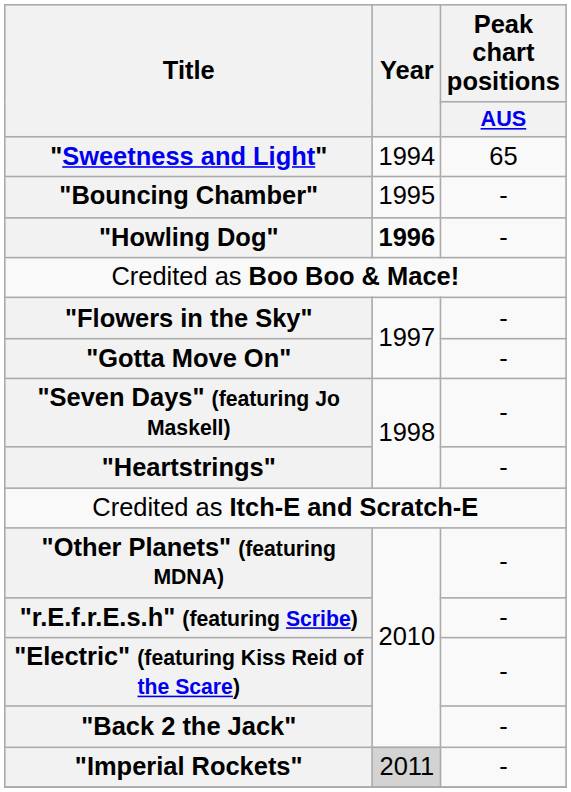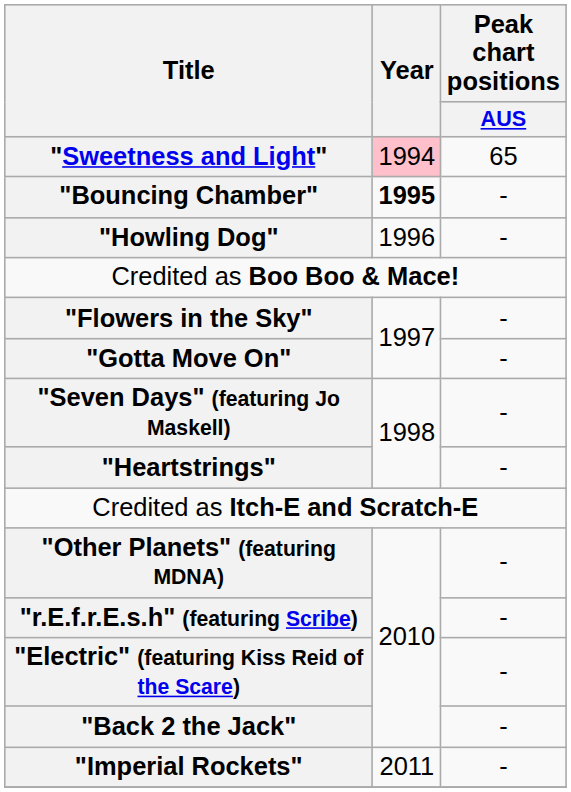 <table class="wikitable plainrowheaders" style="text-align:center;">
 <tr>
 <th scope="col" rowspan="2" style="width:14em;">Title</th>
 <th scope="col" rowspan="2" style="width:1em;">Year</th>
 <th scope="col" colspan="1">Peak chart positions</th>
 </tr>
 <tr>
 <th scope="col" style="width:3em;font-size:85%;"><a href='#'>AUS</a><br></th>
 </tr>
 <tr>
 <th scope="row">"<a href='#'>Sweetness and Light</a>"</th>
-<td>1994</td>
+<td style="background: pink;">1994</td>
 <td>65</td>
 </tr>
 <tr>
 <th scope="row">"Bouncing Chamber"</th>
-<td>1995</td>
+<td><strong>1995</strong></td>
 <td>-</td>
 </tr>
 <tr>
 <th scope="row">"Howling Dog"</th>
-<td><strong>1996</strong></td>
+<td>1996</td>
 <td>-</td>
 </tr>
 <tr>
 <td colspan=3>Credited as <strong>Boo Boo & Mace!</strong></td>
 </tr>
 <tr>
 <th scope="row">"Flowers in the Sky"</th>
 <td rowspan="2">1997</td>
 <td>-</td>
 </tr>
 <tr>
 <th scope="row">"Gotta Move On"</th>
 <td>-</td>
 </tr>
 <tr>
 <th scope="row">"Seven Days" <small>(featuring Jo Maskell)</small></th>
 <td rowspan="2">1998</td>
 <td>-</td>
 </tr>
 <tr>
 <th scope="row">"Heartstrings"</th>
 <td>-</td>
 </tr>
 <tr>
 <td colspan=3>Credited as <strong>Itch-E and Scratch-E</strong></td>
 </tr>
 <tr>
 <th scope="row">"Other Planets" <small>(featuring MDNA)</small></th>
 <td rowspan="4">2010</td>
 <td>-</td>
 </tr>
 <tr>
 <th scope="row">"r.E.f.r.E.s.h" <small>(featuring <a href='#'>Scribe</a>)</small></th>
 <td>-</td>
 </tr>
 <tr>
 <th scope="row">"Electric" <small>(featuring Kiss Reid of <a href='#'>the Scare</a>)</small></th>
 <td>-</td>
 </tr>
 <tr>
 <th scope="row">"Back 2 the Jack"</th>
 <td>-</td>
 </tr>
 <tr>
 <th scope="row">"Imperial Rockets"</th>
-<td style="background: lightgrey;">2011</td>
+<td>2011</td>
 <td>-</td>
 </tr>
 <tr>
 </tr>
 </table>
